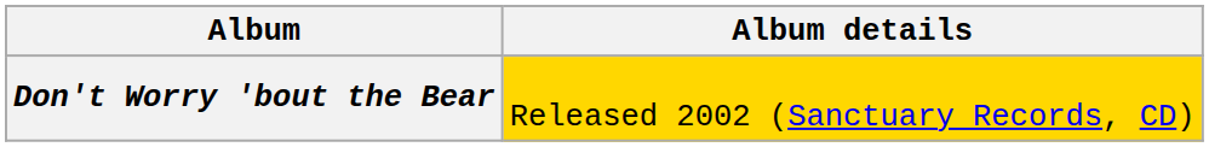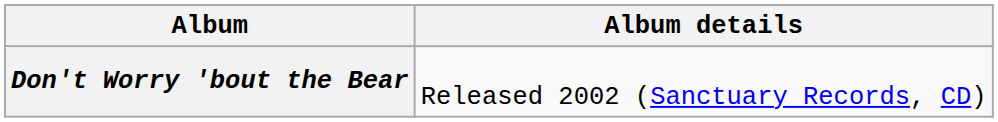 <table class="wikitable plainrowheaders" style="text-align:left">
 <tr>
 <th scope=col>Album</th>
 <th scope=col>Album details</th>
 </tr>
 <tr>
 <th scope=row style="text-align:left"><em>Don't Worry 'bout the Bear</em></th>
-<td style="background: gold;"><br>Released 2002 (<a href='#'>Sanctuary Records</a>, <a href='#'>CD</a>)</td>
+<td><br>Released 2002 (<a href='#'>Sanctuary Records</a>, <a href='#'>CD</a>)</td>
 </tr>
 </table>
